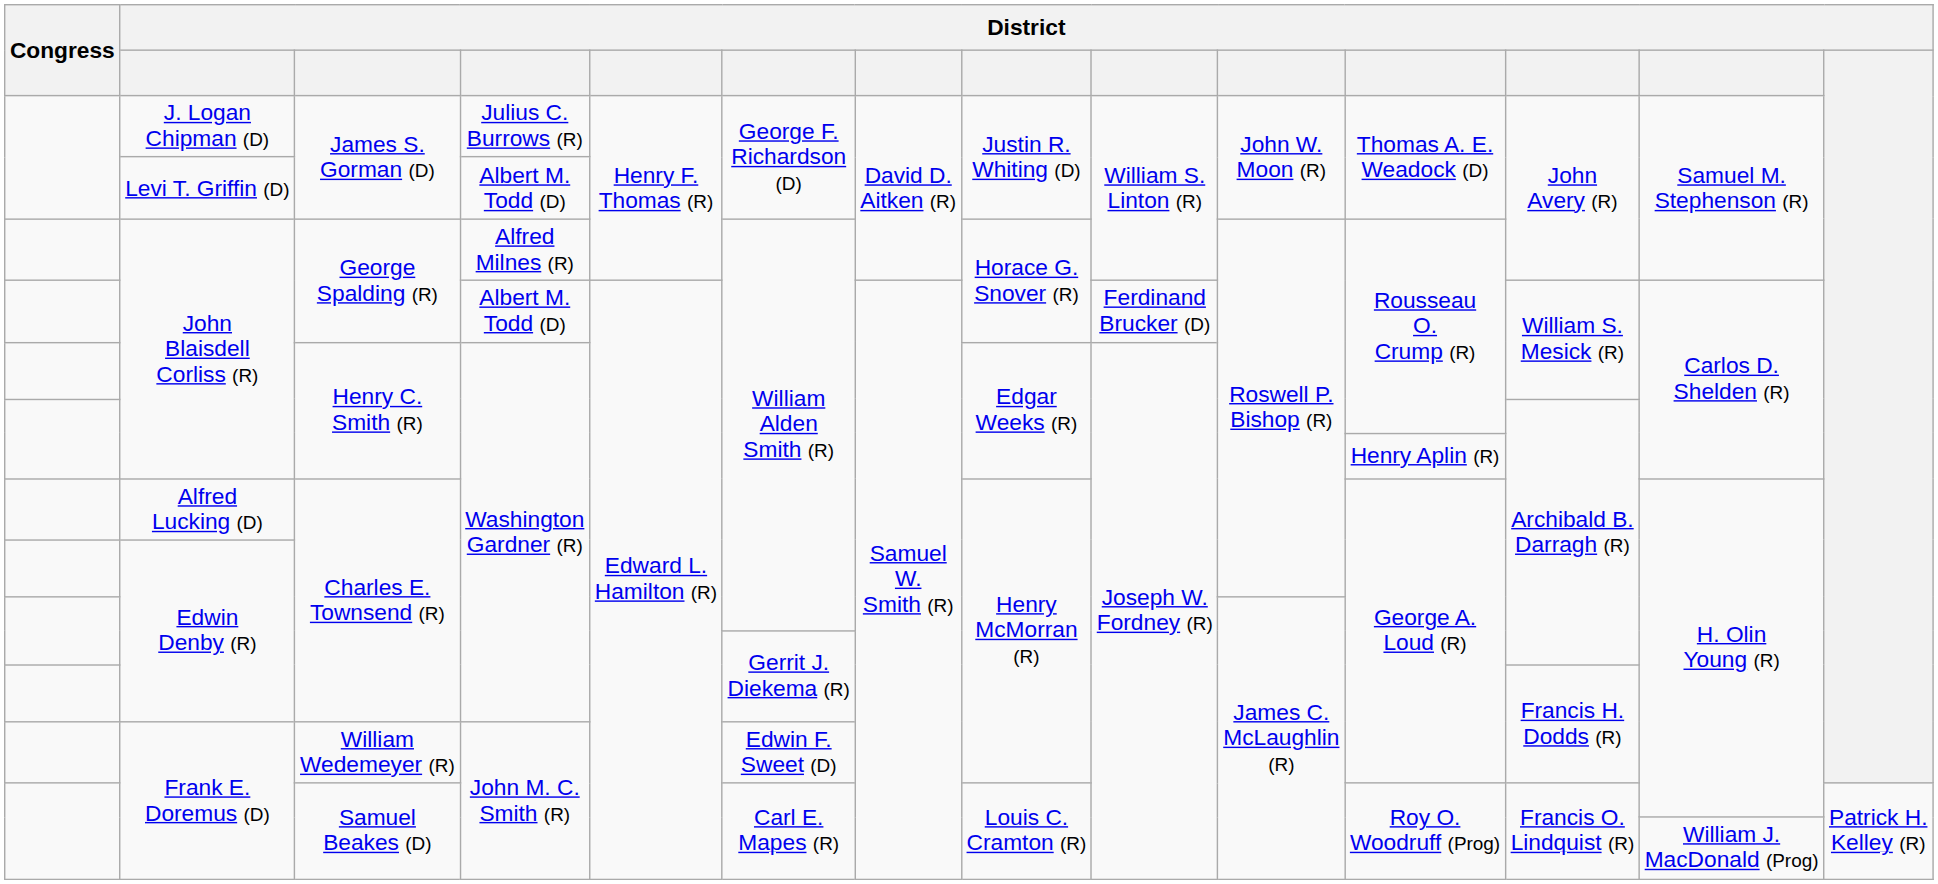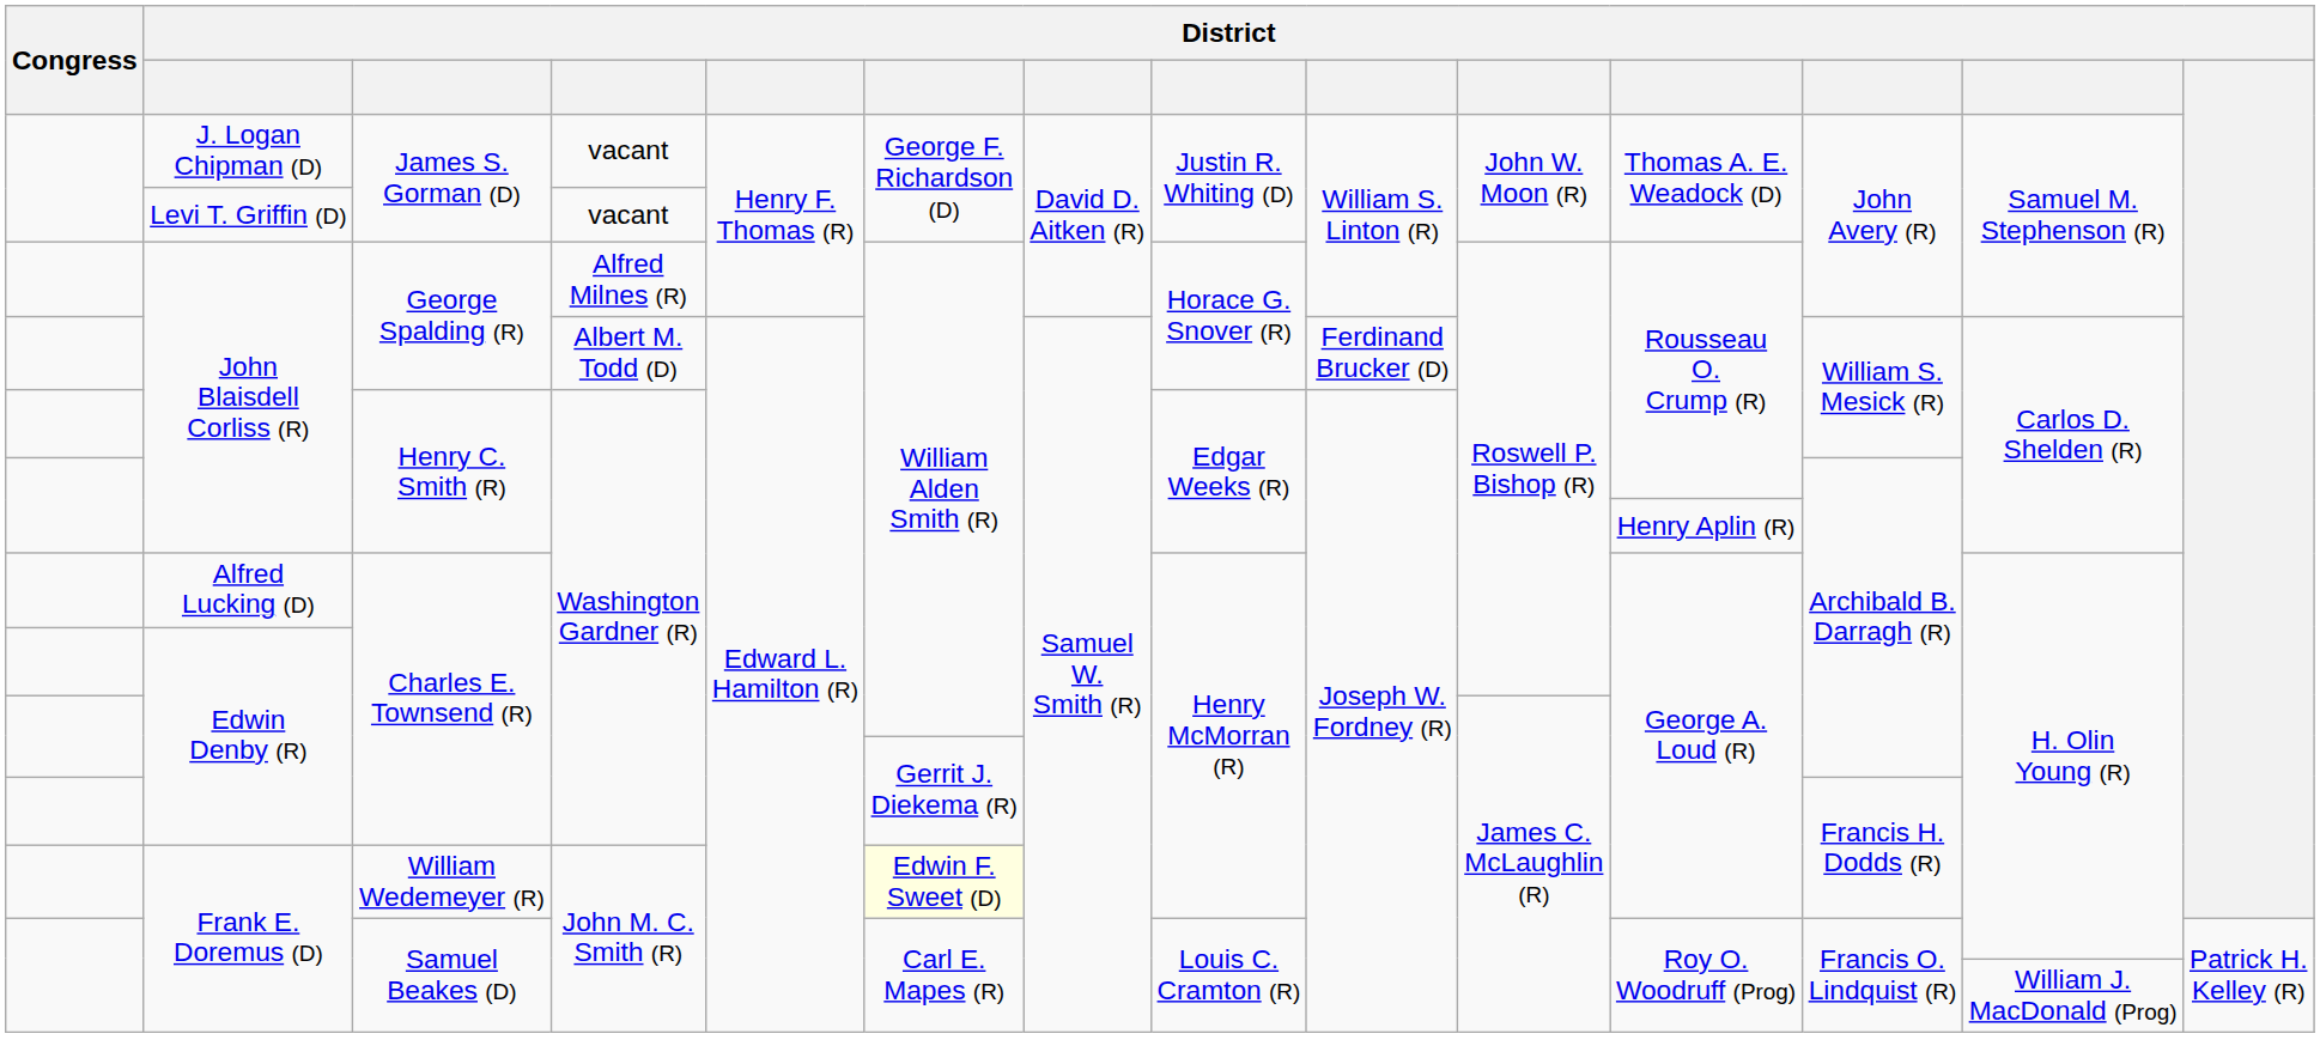 <table class=wikitable style="text-align:center">
 <tr style="height:2em">
 <th rowspan=2>Congress</th>
 <th colspan=13>District</th>
 </tr>
 <tr style="height:2em" valign=bottom>
 <th></th>
 <th></th>
 <th></th>
 <th></th>
 <th></th>
 <th></th>
 <th></th>
 <th></th>
 <th></th>
 <th></th>
 <th></th>
 <th></th>
 <th rowspan=14 valign=bottom></th>
 </tr>
 <tr style="height:2em">
 <td rowspan=2><strong></strong> </td>
 <td><a href='#'>J. Logan<br>Chipman</a> <small>(D)</small></td>
 <td rowspan="2" ><a href='#'>James S.<br>Gorman</a> <small>(D)</small></td>
-<td><a href='#'>Julius C.<br>Burrows</a> <small>(R)</small></td>
+<td>vacant</td>
 <td rowspan=3 ><a href='#'>Henry F.<br>Thomas</a> <small>(R)</small></td>
 <td rowspan=2 ><a href='#'>George F.<br>Richardson</a><br><small>(D)</small></td>
 <td rowspan=3 ><a href='#'>David D.<br>Aitken</a> <small>(R)</small></td>
 <td rowspan=2 ><a href='#'>Justin R.<br>Whiting</a> <small>(D)</small></td>
 <td rowspan=3 ><a href='#'>William S.<br>Linton</a> <small>(R)</small></td>
 <td rowspan=2 ><a href='#'>John W.<br>Moon</a> <small>(R)</small></td>
 <td rowspan="2" ><a href='#'>Thomas A. E.<br>Weadock</a> <small>(D)</small></td>
 <td rowspan=3 ><a href='#'>John<br>Avery</a> <small>(R)</small></td>
 <td rowspan=3 ><a href='#'>Samuel M.<br>Stephen­son</a> <small>(R)</small></td>
 </tr>
 <tr style="height:2em">
 <td><a href='#'>Levi T. Griffin</a> <small>(D)</small></td>
-<td><a href='#'>Albert M.<br>Todd</a> <small>(D)</small></td>
+<td>vacant</td>
 </tr>
 <tr style="height:2.5em">
 <td><strong></strong> </td>
 <td rowspan=5 ><a href='#'>John<br>Blaisdell<br>Corliss</a> <small>(R)</small></td>
 <td rowspan=2 ><a href='#'>George<br>Spalding</a> <small>(R)</small></td>
 <td><a href='#'>Alfred<br>Milnes</a> <small>(R)</small></td>
 <td rowspan=8 ><a href='#'>William<br>Alden<br>Smith</a> <small>(R)</small></td>
 <td rowspan=2 ><a href='#'>Horace G.<br>Snover</a> <small>(R)</small></td>
 <td rowspan=7 ><a href='#'>Roswell P.<br>Bishop</a> <small>(R)</small></td>
 <td rowspan=4 ><a href='#'>Rousseau<br>O.<br>Crump</a> <small>(R)</small></td>
 </tr>
 <tr style="height:2.5em">
 <td><strong></strong> </td>
 <td><a href='#'>Albert M.<br>Todd</a> <small>(D)</small></td>
 <td rowspan="12" ><a href='#'>Edward L.<br>Hamilton</a> <small>(R)</small></td>
 <td rowspan=12 ><a href='#'>Samuel<br>W.<br>Smith</a> <small>(R)</small></td>
 <td><a href='#'>Ferdinand<br>Brucker</a> <small>(D)</small></td>
 <td rowspan=2 ><a href='#'>William S.<br>Mesick</a> <small>(R)</small></td>
 <td rowspan=4 ><a href='#'>Carlos D.<br>Shelden</a> <small>(R)</small></td>
 </tr>
 <tr style="height:2.5em">
 <td><strong></strong> </td>
 <td rowspan=3 ><a href='#'>Henry C.<br>Smith</a> <small>(R)</small></td>
 <td rowspan=8 ><a href='#'>Washington<br>Gardner</a> <small>(R)</small></td>
 <td rowspan=3 ><a href='#'>Edgar<br>Weeks</a> <small>(R)</small></td>
 <td rowspan="11" ><a href='#'>Joseph W.<br>Fordney</a> <small>(R)</small></td>
 </tr>
 <tr style="height:1.5em">
 <td rowspan=2><strong></strong> </td>
 <td rowspan=6 ><a href='#'>Archibald B.<br>Darragh</a> <small>(R)</small></td>
 </tr>
 <tr style="height:2em">
 <td><a href='#'>Henry Aplin</a> <small>(R)</small></td>
 </tr>
 <tr style="height:2.5em">
 <td><strong></strong> </td>
 <td><a href='#'>Alfred<br>Lucking</a> <small>(D)</small></td>
 <td rowspan=5 ><a href='#'>Charles E.<br>Townsend</a> <small>(R)</small></td>
 <td rowspan=6 ><a href='#'>Henry<br>McMorran</a><br><small>(R)</small></td>
 <td rowspan=6 ><a href='#'>George A.<br>Loud</a> <small>(R)</small></td>
 <td rowspan=7 ><a href='#'>H. Olin<br>Young</a> <small>(R)</small></td>
 </tr>
 <tr style="height:2.5em">
 <td><strong></strong> </td>
 <td rowspan=4 ><a href='#'>Edwin<br>Denby</a> <small>(R)</small></td>
 </tr>
 <tr style="height:1.5em">
 <td rowspan=2><strong></strong> </td>
 <td rowspan="6" ><a href='#'>James C.<br>McLaughlin</a><br><small>(R)</small></td>
 </tr>
 <tr style="height:1.5em">
 <td rowspan=2 ><a href='#'>Gerrit J.<br>Diekema</a> <small>(R)</small></td>
 </tr>
 <tr style="height:2.5em">
 <td><strong></strong> </td>
 <td rowspan=2 ><a href='#'>Francis H.<br>Dodds</a> <small>(R)</small></td>
 </tr>
 <tr style="height:2.5em">
 <td><strong></strong> </td>
 <td rowspan="3" ><a href='#'>Frank E.<br>Doremus</a> <small>(D)</small></td>
 <td><a href='#'>William<br>Wedemeyer</a> <small>(R)</small></td>
 <td rowspan="3" ><a href='#'>John M. C.<br>Smith</a> <small>(R)</small></td>
-<td><a href='#'>Edwin F.<br>Sweet</a> <small>(D)</small></td>
+<td style="background: lightyellow;"><a href='#'>Edwin F.<br>Sweet</a> <small>(D)</small></td>
 </tr>
 <tr style="height:1.5em">
 <td rowspan=2><strong></strong> </td>
 <td rowspan="2" ><a href='#'>Samuel<br>Beakes</a> <small>(D)</small></td>
 <td rowspan="2" ><a href='#'>Carl E.<br>Mapes</a> <small>(R)</small></td>
 <td rowspan="2" ><a href='#'>Louis C.<br>Cramton</a> <small>(R)</small></td>
 <td rowspan=2 ><a href='#'>Roy O.<br>Woodruff</a> <small>(Prog)</small></td>
 <td rowspan=2 ><a href='#'>Francis O.<br>Lindquist</a> <small>(R)</small></td>
 <td rowspan=2 ><a href='#'>Patrick H.<br>Kelley</a> <small>(R)</small></td>
 </tr>
 <tr style="height:2em">
 <td><a href='#'>William J.<br>MacDon­ald</a> <small>(Prog)</small></td>
 </tr>
 </table>
